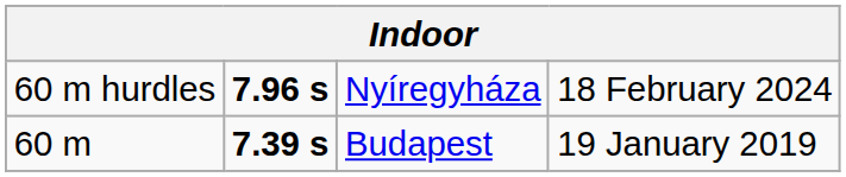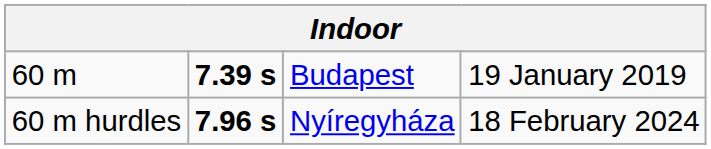 <table class="wikitable" style="border-collapse: collapse; font-size: 95%;">
 <tr>
 <th colspan=4><em>Indoor</em></th>
+</tr>
+<tr>
+<td>60 m</td>
+<td><strong>7.39 s</strong></td>
+<td> <a href='#'>Budapest</a></td>
+<td>19 January 2019</td>
 </tr>
 <tr>
 <td>60 m hurdles</td>
 <td><strong>7.96 s</strong></td>
 <td> <a href='#'>Nyíregyháza</a></td>
 <td>18 February 2024</td>
 </tr>
-<tr>
-<td>60 m</td>
-<td><strong>7.39 s</strong></td>
-<td> <a href='#'>Budapest</a></td>
-<td>19 January 2019</td>
-</tr>
 </table>
